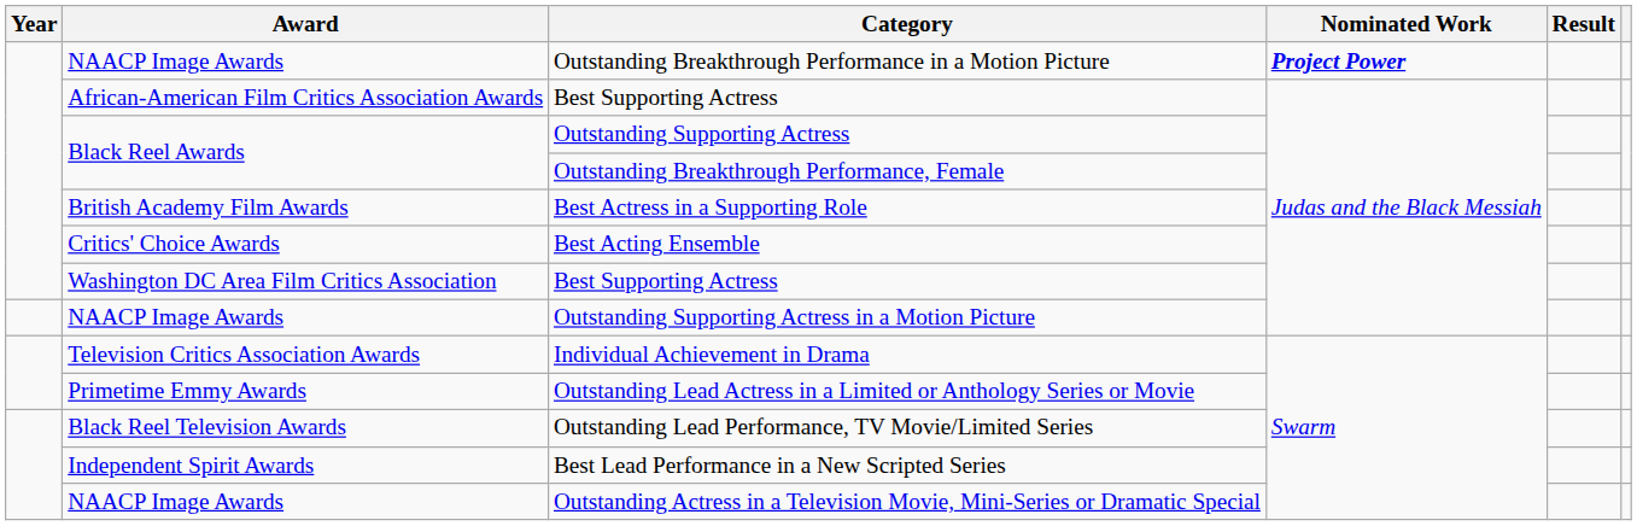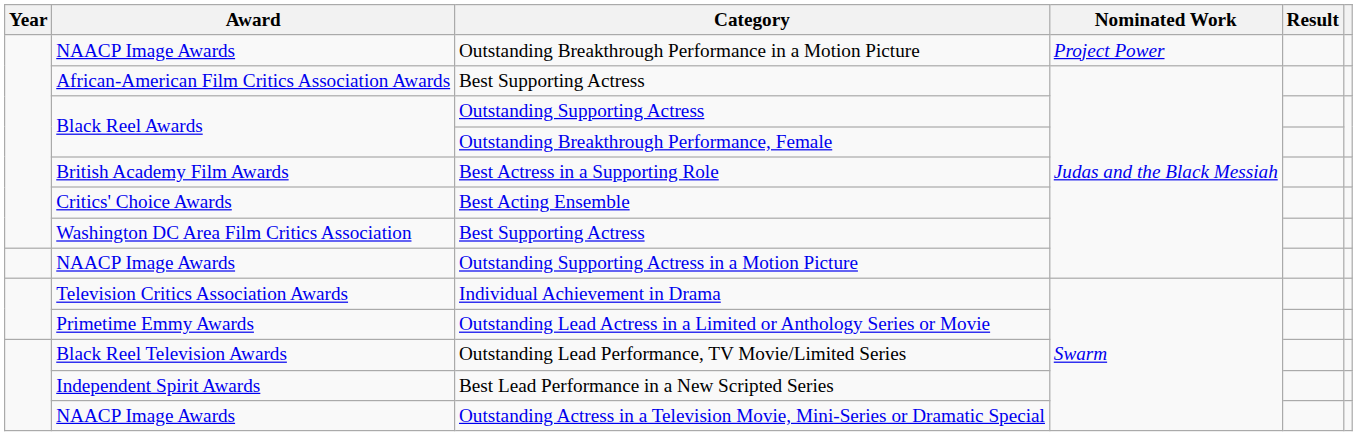 <table class="wikitable plainrowheaders sortable">
 <tr>
 <th scope="col">Year</th>
 <th scope="col">Award</th>
 <th scope="col">Category</th>
 <th scope="col">Nominated Work</th>
 <th scope="col">Result</th>
 <th scope="col" class="unsortable"></th>
 </tr>
 <tr>
 <td rowspan="7"></td>
 <td><a href='#'>NAACP Image Awards</a></td>
 <td>Outstanding Breakthrough Performance in a Motion Picture</td>
-<td><strong><em><a href='#'>Project Power</a></em></strong></td>
+<td><em><a href='#'>Project Power</a></em></td>
 <td></td>
 <td></td>
 </tr>
 <tr>
 <td><a href='#'>African-American Film Critics Association Awards</a></td>
 <td>Best Supporting Actress</td>
 <td rowspan="7"><em><a href='#'>Judas and the Black Messiah</a></em></td>
 <td></td>
 <td></td>
 </tr>
 <tr>
 <td rowspan="2"><a href='#'>Black Reel Awards</a></td>
 <td><a href='#'>Outstanding Supporting Actress</a></td>
 <td></td>
 <td rowspan="2"></td>
 </tr>
 <tr>
 <td><a href='#'>Outstanding Breakthrough Performance, Female</a></td>
 <td></td>
 </tr>
 <tr>
 <td><a href='#'>British Academy Film Awards</a></td>
 <td><a href='#'>Best Actress in a Supporting Role</a></td>
 <td></td>
 <td></td>
 </tr>
 <tr>
 <td><a href='#'>Critics' Choice Awards</a></td>
 <td><a href='#'>Best Acting Ensemble</a></td>
 <td></td>
 <td></td>
 </tr>
 <tr>
 <td><a href='#'>Washington DC Area Film Critics Association</a></td>
 <td><a href='#'>Best Supporting Actress</a></td>
 <td></td>
 <td></td>
 </tr>
 <tr>
 <td rowspan="1"></td>
 <td><a href='#'>NAACP Image Awards</a></td>
 <td><a href='#'>Outstanding Supporting Actress in a Motion Picture</a></td>
 <td></td>
 <td></td>
 </tr>
 <tr>
 <td rowspan="2"></td>
 <td><a href='#'>Television Critics Association Awards</a></td>
 <td><a href='#'>Individual Achievement in Drama</a></td>
 <td rowspan="5"><em><a href='#'>Swarm</a></em></td>
 <td></td>
 <td></td>
 </tr>
 <tr>
 <td><a href='#'>Primetime Emmy Awards</a></td>
 <td><a href='#'>Outstanding Lead Actress in a Limited or Anthology Series or Movie</a></td>
 <td></td>
 <td></td>
 </tr>
 <tr>
 <td rowspan="3"></td>
 <td><a href='#'>Black Reel Television Awards</a></td>
 <td>Outstanding Lead Performance, TV Movie/Limited Series</td>
 <td></td>
 <td></td>
 </tr>
 <tr>
 <td><a href='#'>Independent Spirit Awards</a></td>
 <td>Best Lead Performance in a New Scripted Series</td>
 <td></td>
 <td></td>
 </tr>
 <tr>
 <td><a href='#'>NAACP Image Awards</a></td>
 <td><a href='#'>Outstanding Actress in a Television Movie, Mini-Series or Dramatic Special</a></td>
 <td></td>
 <td></td>
 </tr>
 </table>
